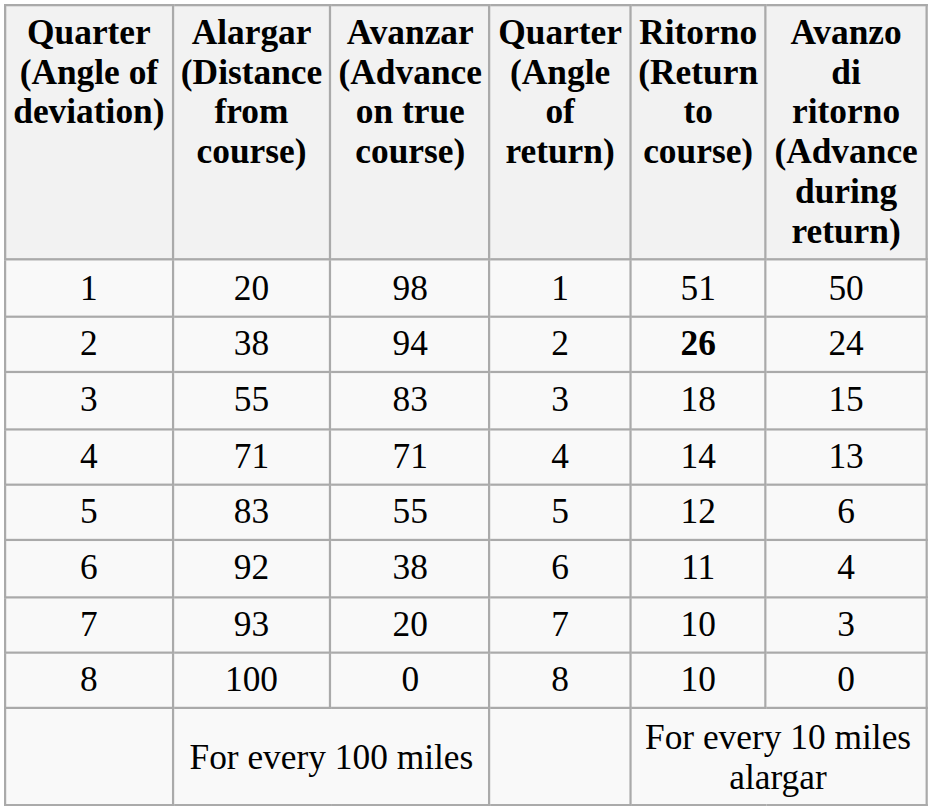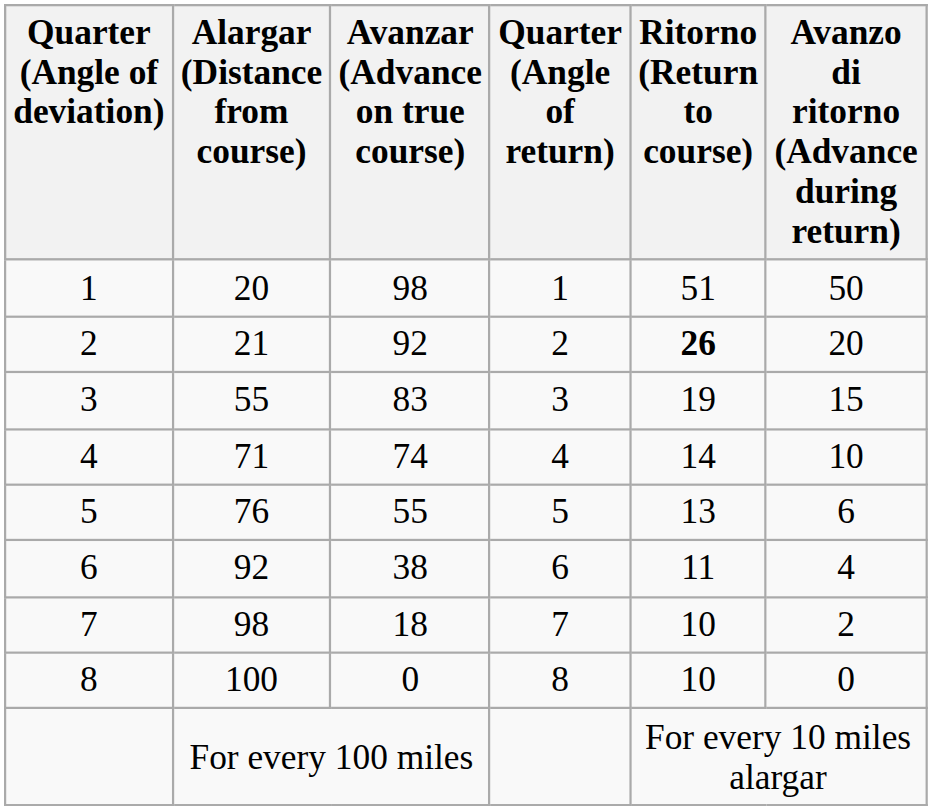 <table class="wikitable" style="text-align: center; width: 200px">
 <tr valign="top" style="background:#ccc;">
 <th><strong>Quarter</strong> <br> (Angle of deviation)</th>
 <th><strong>Alargar</strong><br> (Distance from course)</th>
 <th><strong>Avanzar</strong> <br>(Advance on true course)</th>
 <th><strong>Quarter</strong> <br> (Angle of return)</th>
 <th><strong>Ritorno</strong> <br> (Return to course)</th>
 <th><strong>Avanzo di ritorno</strong> <br> (Advance during return)</th>
 </tr>
 <tr align="center">
 <td>1</td>
 <td>20</td>
 <td>98</td>
 <td>1</td>
 <td>51</td>
 <td>50</td>
 </tr>
 <tr align="center">
 <td>2</td>
-<td>38</td>
-<td>94</td>
+<td>21</td>
+<td>92</td>
 <td>2</td>
 <td><strong>26</strong></td>
-<td>24</td>
+<td>20</td>
 </tr>
 <tr align="center">
 <td>3</td>
 <td>55</td>
 <td>83</td>
 <td>3</td>
-<td>18</td>
+<td>19</td>
 <td>15</td>
 </tr>
 <tr align="center">
 <td>4</td>
 <td>71</td>
-<td>71</td>
+<td>74</td>
 <td>4</td>
 <td>14</td>
-<td>13</td>
+<td>10</td>
 </tr>
 <tr align="center">
 <td>5</td>
-<td>83</td>
+<td>76</td>
 <td>55</td>
 <td>5</td>
-<td>12</td>
+<td>13</td>
 <td>6 </td>
 </tr>
 <tr align="center">
 <td>6</td>
 <td>92</td>
 <td>38</td>
 <td>6</td>
 <td>11</td>
 <td>4</td>
 </tr>
 <tr align="center">
 <td>7</td>
-<td>93</td>
-<td>20</td>
+<td>98</td>
+<td>18</td>
 <td>7</td>
 <td>10</td>
-<td>3 </td>
+<td>2 </td>
 </tr>
 <tr align="center">
 <td>8</td>
 <td>100</td>
 <td>0</td>
 <td>8</td>
 <td>10</td>
 <td>0</td>
 </tr>
 <tr align="center">
 <td></td>
 <td align="center" colspan="2" style="border-top:">For every 100 miles</td>
 <td></td>
 <td align="center" colspan="2">For every 10 miles alargar</td>
 </tr>
 </table>
